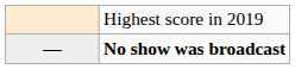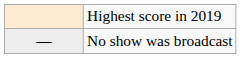 <table class="wikitable">
 <tr>
 <th width="75px" style="background:#FFEBD2; text-align:center" scope="row"></th>
 <td>Highest score in 2019</td>
 </tr>
 <tr>
 <th width="75px" style="background:#eee; text-align:center" scope="row">—</th>
-<td><strong>No show was broadcast</strong></td>
+<td>No show was broadcast</td>
 </tr>
 </table>
